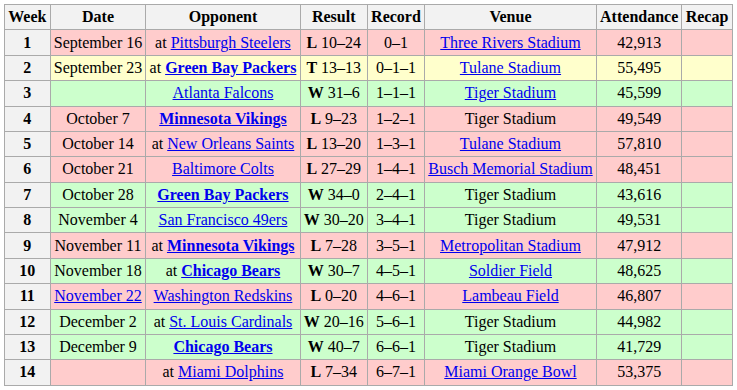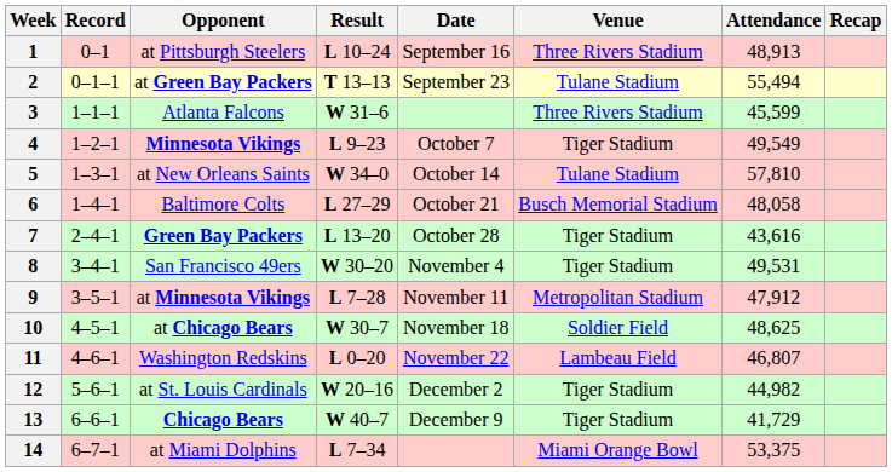 <table class="wikitable" style="text-align:center">
 <tr>
 <th>Week</th>
-<th>Date</th>
+<th>Record</th>
 <th>Opponent</th>
 <th>Result</th>
-<th>Record</th>
+<th>Date</th>
 <th>Venue</th>
 <th>Attendance</th>
 <th>Recap</th>
 </tr>
 <tr style="background:#fcc">
 <th>1</th>
-<td>September 16</td>
+<td>0–1</td>
 <td>at <a href='#'>Pittsburgh Steelers</a></td>
 <td><strong>L</strong> 10–24</td>
-<td>0–1</td>
+<td>September 16</td>
 <td><a href='#'>Three Rivers Stadium</a></td>
-<td>42,913</td>
+<td>48,913</td>
 <td></td>
 </tr>
 <tr style="background:#ffc">
 <th>2</th>
-<td>September 23</td>
+<td>0–1–1</td>
 <td>at <strong><a href='#'>Green Bay Packers</a></strong></td>
 <td><strong>T</strong> 13–13</td>
-<td>0–1–1</td>
+<td>September 23</td>
 <td><a href='#'>Tulane Stadium</a></td>
-<td>55,495</td>
+<td>55,494</td>
 <td></td>
 </tr>
 <tr style="background:#cfc">
 <th>3</th>
-<td></td>
+<td>1–1–1</td>
 <td><a href='#'>Atlanta Falcons</a></td>
 <td><strong>W</strong> 31–6</td>
-<td>1–1–1</td>
-<td><a href='#'>Tiger Stadium</a></td>
+<td></td>
+<td><a href='#'>Three Rivers Stadium</a></td>
 <td>45,599</td>
 <td></td>
 </tr>
 <tr style="background:#fcc">
 <th>4</th>
-<td>October 7</td>
+<td>1–2–1</td>
 <td><strong><a href='#'>Minnesota Vikings</a></strong></td>
 <td><strong>L</strong> 9–23</td>
-<td>1–2–1</td>
+<td>October 7</td>
 <td>Tiger Stadium</td>
 <td>49,549</td>
 <td></td>
 </tr>
 <tr style="background:#fcc">
 <th>5</th>
+<td>1–3–1</td>
+<td>at <a href='#'>New Orleans Saints</a></td>
+<td><strong>W</strong> 34–0</td>
 <td>October 14</td>
-<td>at <a href='#'>New Orleans Saints</a></td>
-<td><strong>L</strong> 13–20</td>
-<td>1–3–1</td>
 <td><a href='#'>Tulane Stadium</a></td>
 <td>57,810</td>
 <td></td>
 </tr>
 <tr style="background:#fcc">
 <th>6</th>
-<td>October 21</td>
+<td>1–4–1</td>
 <td><a href='#'>Baltimore Colts</a></td>
 <td><strong>L</strong> 27–29</td>
-<td>1–4–1</td>
+<td>October 21</td>
 <td><a href='#'>Busch Memorial Stadium</a></td>
-<td>48,451</td>
+<td>48,058</td>
 <td></td>
 </tr>
 <tr style="background:#cfc">
 <th>7</th>
+<td>2–4–1</td>
+<td><strong><a href='#'>Green Bay Packers</a></strong></td>
+<td><strong>L</strong> 13–20</td>
 <td>October 28</td>
-<td><strong><a href='#'>Green Bay Packers</a></strong></td>
-<td><strong>W</strong> 34–0</td>
-<td>2–4–1</td>
 <td>Tiger Stadium</td>
 <td>43,616</td>
 <td></td>
 </tr>
 <tr style="background:#cfc">
 <th>8</th>
-<td>November 4</td>
+<td>3–4–1</td>
 <td><a href='#'>San Francisco 49ers</a></td>
 <td><strong>W</strong> 30–20</td>
-<td>3–4–1</td>
+<td>November 4</td>
 <td>Tiger Stadium</td>
 <td>49,531</td>
 <td></td>
 </tr>
 <tr style="background:#fcc">
 <th>9</th>
-<td>November 11</td>
+<td>3–5–1</td>
 <td>at <strong><a href='#'>Minnesota Vikings</a></strong></td>
 <td><strong>L</strong> 7–28</td>
-<td>3–5–1</td>
+<td>November 11</td>
 <td><a href='#'>Metropolitan Stadium</a></td>
 <td>47,912</td>
 <td></td>
 </tr>
 <tr style="background:#cfc">
 <th>10</th>
-<td>November 18</td>
+<td>4–5–1</td>
 <td>at <strong><a href='#'>Chicago Bears</a></strong></td>
 <td><strong>W</strong> 30–7</td>
-<td>4–5–1</td>
+<td>November 18</td>
 <td><a href='#'>Soldier Field</a></td>
 <td>48,625</td>
 <td></td>
 </tr>
 <tr style="background:#fcc">
 <th>11</th>
-<td><a href='#'>November 22</a></td>
+<td>4–6–1</td>
 <td><a href='#'>Washington Redskins</a></td>
 <td><strong>L</strong> 0–20</td>
-<td>4–6–1</td>
+<td><a href='#'>November 22</a></td>
 <td><a href='#'>Lambeau Field</a></td>
 <td>46,807</td>
 <td></td>
 </tr>
 <tr style="background:#cfc">
 <th>12</th>
-<td>December 2</td>
+<td>5–6–1</td>
 <td>at <a href='#'>St. Louis Cardinals</a></td>
 <td><strong>W</strong> 20–16</td>
-<td>5–6–1</td>
+<td>December 2</td>
 <td>Tiger Stadium</td>
 <td>44,982</td>
 <td></td>
 </tr>
 <tr style="background:#cfc">
 <th>13</th>
-<td>December 9</td>
+<td>6–6–1</td>
 <td><strong><a href='#'>Chicago Bears</a></strong></td>
 <td><strong>W</strong> 40–7</td>
-<td>6–6–1</td>
+<td>December 9</td>
 <td>Tiger Stadium</td>
 <td>41,729</td>
 <td></td>
 </tr>
 <tr style="background:#fcc">
 <th>14</th>
-<td></td>
+<td>6–7–1</td>
 <td>at <a href='#'>Miami Dolphins</a></td>
 <td><strong>L</strong> 7–34</td>
-<td>6–7–1</td>
+<td></td>
 <td><a href='#'>Miami Orange Bowl</a></td>
 <td>53,375</td>
 <td></td>
 </tr>
 </table>
